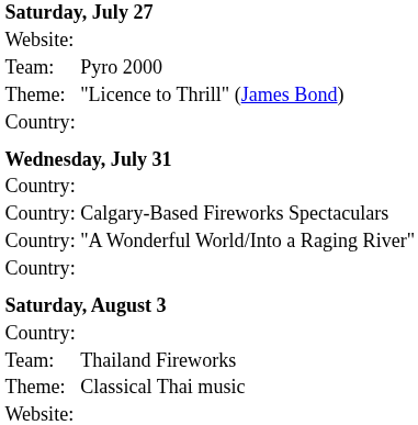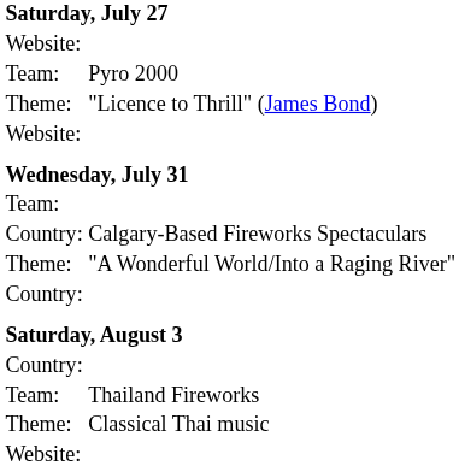 <table border="0">
 <tr>
 <td colspan="2"><strong>Saturday, July 27</strong></td>
 </tr>
 <tr>
 <td>Website:</td>
 <td></td>
 </tr>
 <tr>
 <td>Team:</td>
 <td>Pyro 2000</td>
 </tr>
 <tr>
 <td>Theme:</td>
 <td>"Licence to Thrill" (<a href='#'>James Bond</a>)</td>
 </tr>
 <tr>
-<td>Country:</td>
+<td>Website:</td>
 <td></td>
 </tr>
 <tr>
 <td colspan="2"></td>
 </tr>
 <tr>
 <td></td>
 </tr>
 <tr>
 <td colspan="2"><strong>Wednesday, July 31</strong></td>
 </tr>
 <tr>
-<td>Country:</td>
+<td>Team:</td>
 <td></td>
 </tr>
 <tr>
 <td>Country:</td>
 <td>Calgary-Based Fireworks Spectaculars</td>
 </tr>
 <tr>
-<td>Country:</td>
+<td>Theme:</td>
 <td>"A Wonderful World/Into a Raging River"</td>
 </tr>
 <tr>
 <td>Country:</td>
 <td></td>
 </tr>
 <tr>
 <td colspan="2"></td>
 </tr>
 <tr>
 <td></td>
 </tr>
 <tr>
 <td colspan="2"><strong>Saturday, August 3</strong></td>
 </tr>
 <tr>
 <td>Country:</td>
 <td></td>
 </tr>
 <tr>
 <td>Team:</td>
 <td>Thailand Fireworks</td>
 </tr>
 <tr>
 <td>Theme:</td>
 <td>Classical Thai music</td>
 </tr>
 <tr>
 <td>Website:</td>
 <td></td>
 </tr>
 <tr>
 <td colspan="2"></td>
 </tr>
 </table>
